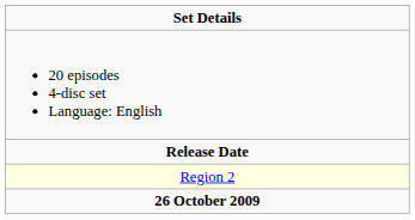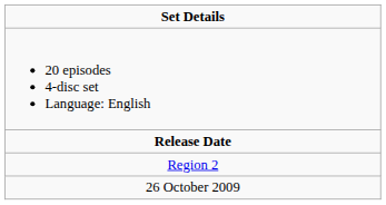 <table class="wikitable" style="font-size: 95%;">
 <tr valign="top">
 <td align="center" width="400" colspan="3"><strong>Set Details</strong></td>
 </tr>
 <tr valign="top">
 <td colspan="3" align="left" width="400"><br><ul><li>20 episodes</li><li>4-disc set</li><li>Language: English</li></ul></td>
 </tr>
 <tr>
 <td colspan="3" align="center"><strong>Release Date</strong></td>
 </tr>
 <tr>
-<td align="center" style="background: lightyellow;"><a href='#'>Region 2</a></td>
+<td align="center"><a href='#'>Region 2</a></td>
 </tr>
 <tr>
-<td align="center"><strong>26 October 2009</strong></td>
+<td align="center">26 October 2009</td>
 </tr>
 </table>
